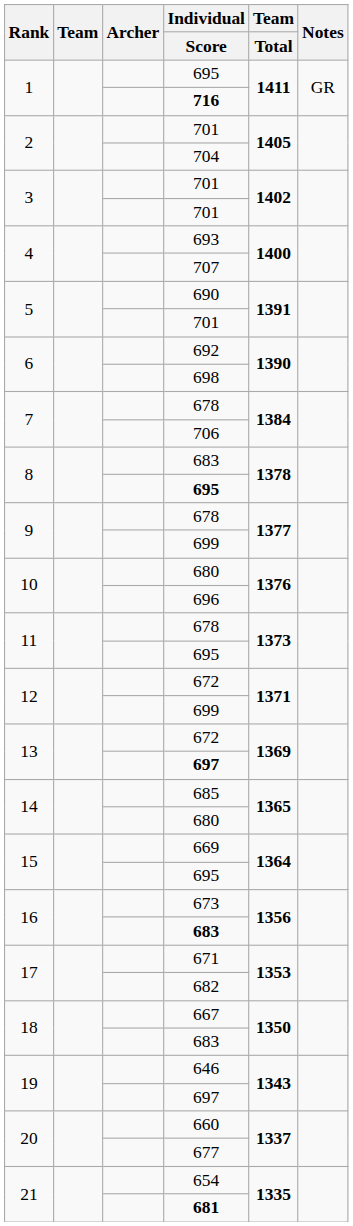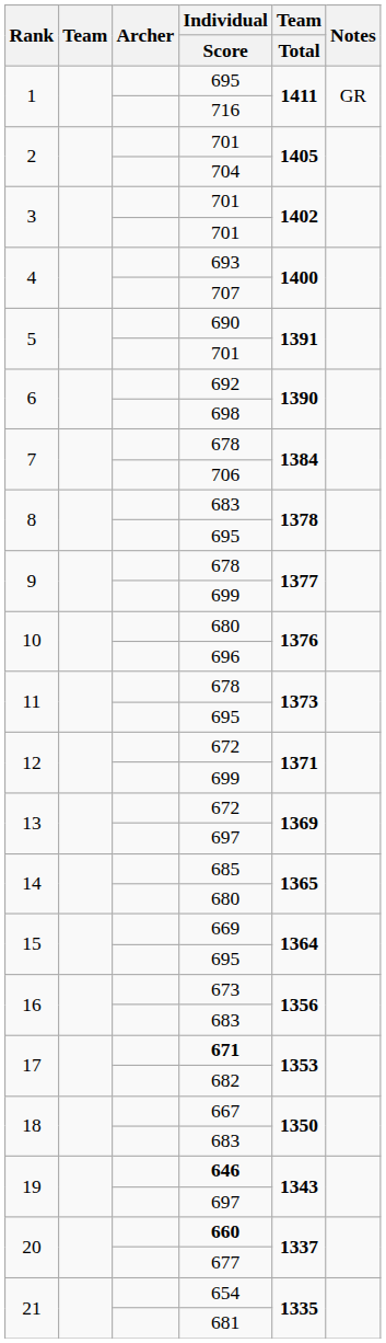 <table class="wikitable sortable" style="font-size:100%; text-align:center;">
 <tr>
 <th rowspan="2">Rank</th>
 <th rowspan="2">Team</th>
 <th rowspan="2">Archer</th>
 <th colspan="1">Individual</th>
 <th colspan="1">Team</th>
 <th rowspan="2">Notes</th>
 </tr>
 <tr>
 <th>Score</th>
 <th>Total</th>
 </tr>
 <tr>
 <td rowspan="2">1</td>
 <td rowspan="2" align="left"></td>
 <td align="left"></td>
 <td>695</td>
 <td rowspan="2"><strong>1411</strong></td>
 <td rowspan="2">GR</td>
 </tr>
 <tr>
 <td align="left"></td>
-<td><strong>716</strong></td>
+<td>716</td>
 </tr>
 <tr>
 <td rowspan="2">2</td>
 <td rowspan="2" align="left"></td>
 <td align="left"></td>
 <td>701</td>
 <td rowspan="2"><strong>1405</strong></td>
 <td rowspan="2"></td>
 </tr>
 <tr>
 <td align="left"></td>
 <td>704</td>
 </tr>
 <tr>
 <td rowspan="2">3</td>
 <td rowspan="2" align="left"></td>
 <td align="left"></td>
 <td>701</td>
 <td rowspan="2"><strong>1402</strong></td>
 <td rowspan="2"></td>
 </tr>
 <tr>
 <td align="left"></td>
 <td>701</td>
 </tr>
 <tr>
 <td rowspan="2">4</td>
 <td rowspan="2" align="left"></td>
 <td align="left"></td>
 <td>693</td>
 <td rowspan="2"><strong>1400</strong></td>
 <td rowspan="2"></td>
 </tr>
 <tr>
 <td align="left"></td>
 <td>707</td>
 </tr>
 <tr>
 <td rowspan="2">5</td>
 <td rowspan="2" align="left"></td>
 <td align="left"></td>
 <td>690</td>
 <td rowspan="2"><strong>1391</strong></td>
 <td rowspan="2"></td>
 </tr>
 <tr>
 <td align="left"></td>
 <td>701</td>
 </tr>
 <tr>
 <td rowspan="2">6</td>
 <td rowspan="2" align="left"></td>
 <td align="left"></td>
 <td>692</td>
 <td rowspan="2"><strong>1390</strong></td>
 <td rowspan="2"></td>
 </tr>
 <tr>
 <td align="left"></td>
 <td>698</td>
 </tr>
 <tr>
 <td rowspan="2">7</td>
 <td rowspan="2" align="left"></td>
 <td align="left"></td>
 <td>678</td>
 <td rowspan="2"><strong>1384</strong></td>
 <td rowspan="2"></td>
 </tr>
 <tr>
 <td align="left"></td>
 <td>706</td>
 </tr>
 <tr>
 <td rowspan="2">8</td>
 <td rowspan="2" align="left"></td>
 <td align="left"></td>
 <td>683</td>
 <td rowspan="2"><strong>1378</strong></td>
 <td rowspan="2"></td>
 </tr>
 <tr>
 <td align="left"></td>
-<td><strong>695</strong></td>
+<td>695</td>
 </tr>
 <tr>
 <td rowspan="2">9</td>
 <td rowspan="2" align="left"></td>
 <td align="left"></td>
 <td>678</td>
 <td rowspan="2"><strong>1377</strong></td>
 <td rowspan="2"></td>
 </tr>
 <tr>
 <td align="left"></td>
 <td>699</td>
 </tr>
 <tr>
 <td rowspan="2">10</td>
 <td rowspan="2" align="left"></td>
 <td align="left"></td>
 <td>680</td>
 <td rowspan="2"><strong>1376</strong></td>
 <td rowspan="2"></td>
 </tr>
 <tr>
 <td align="left"></td>
 <td>696</td>
 </tr>
 <tr>
 <td rowspan="2">11</td>
 <td rowspan="2" align="left"></td>
 <td align="left"></td>
 <td>678</td>
 <td rowspan="2"><strong>1373</strong></td>
 <td rowspan="2"></td>
 </tr>
 <tr>
 <td align="left"></td>
 <td>695</td>
 </tr>
 <tr>
 <td rowspan="2">12</td>
 <td rowspan="2" align="left"></td>
 <td align="left"></td>
 <td>672</td>
 <td rowspan="2"><strong>1371</strong></td>
 <td rowspan="2"></td>
 </tr>
 <tr>
 <td align="left"></td>
 <td>699</td>
 </tr>
 <tr>
 <td rowspan="2">13</td>
 <td rowspan="2" align="left"></td>
 <td align="left"></td>
 <td>672</td>
 <td rowspan="2"><strong>1369</strong></td>
 <td rowspan="2"></td>
 </tr>
 <tr>
 <td align="left"></td>
-<td><strong>697</strong></td>
+<td>697</td>
 </tr>
 <tr>
 <td rowspan="2">14</td>
 <td rowspan="2" align="left"></td>
 <td align="left"></td>
 <td>685</td>
 <td rowspan="2"><strong>1365</strong></td>
 <td rowspan="2"></td>
 </tr>
 <tr>
 <td align="left"></td>
 <td>680</td>
 </tr>
 <tr>
 <td rowspan="2">15</td>
 <td rowspan="2" align="left"></td>
 <td align="left"></td>
 <td>669</td>
 <td rowspan="2"><strong>1364</strong></td>
 <td rowspan="2"></td>
 </tr>
 <tr>
 <td align="left"></td>
 <td>695</td>
 </tr>
 <tr>
 <td rowspan="2">16</td>
 <td rowspan="2" align="left"></td>
 <td align="left"></td>
 <td>673</td>
 <td rowspan="2"><strong>1356</strong></td>
 <td rowspan="2"></td>
 </tr>
 <tr>
 <td align="left"></td>
-<td><strong>683</strong></td>
+<td>683</td>
 </tr>
 <tr>
 <td rowspan="2">17</td>
 <td rowspan="2" align="left"></td>
 <td align="left"></td>
-<td>671</td>
+<td><strong>671</strong></td>
 <td rowspan="2"><strong>1353</strong></td>
 <td rowspan="2"></td>
 </tr>
 <tr>
 <td align="left"></td>
 <td>682</td>
 </tr>
 <tr>
 <td rowspan="2">18</td>
 <td rowspan="2" align="left"></td>
 <td align="left"></td>
 <td>667</td>
 <td rowspan="2"><strong>1350</strong></td>
 <td rowspan="2"></td>
 </tr>
 <tr>
 <td align="left"></td>
 <td>683</td>
 </tr>
 <tr>
 <td rowspan="2">19</td>
 <td rowspan="2" align="left"></td>
 <td align="left"></td>
-<td>646</td>
+<td><strong>646</strong></td>
 <td rowspan="2"><strong>1343</strong></td>
 <td rowspan="2"></td>
 </tr>
 <tr>
 <td align="left"></td>
 <td>697</td>
 </tr>
 <tr>
 <td rowspan="2">20</td>
 <td rowspan="2" align="left"></td>
 <td align="left"></td>
-<td>660</td>
+<td><strong>660</strong></td>
 <td rowspan="2"><strong>1337</strong></td>
 <td rowspan="2"></td>
 </tr>
 <tr>
 <td align="left"></td>
 <td>677</td>
 </tr>
 <tr>
 <td rowspan="2">21</td>
 <td rowspan="2" align="left"></td>
 <td align="left"></td>
 <td>654</td>
 <td rowspan="2"><strong>1335</strong></td>
 <td rowspan="2"></td>
 </tr>
 <tr>
 <td align="left"></td>
-<td><strong>681</strong></td>
+<td>681</td>
 </tr>
 </table>
